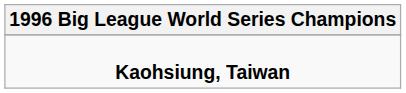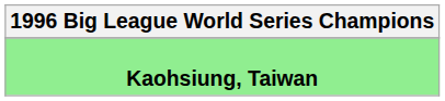 <table class="wikitable" style="text-align: center; margin: 0 auto;">
 <tr>
 <th>1996 Big League World Series Champions</th>
 </tr>
 <tr>
 </tr>
 <tr>
-<td><br> <strong>Kaohsiung, Taiwan</strong></td>
+<td style="background: lightgreen;"><br> <strong>Kaohsiung, Taiwan</strong></td>
 </tr>
 </table>
